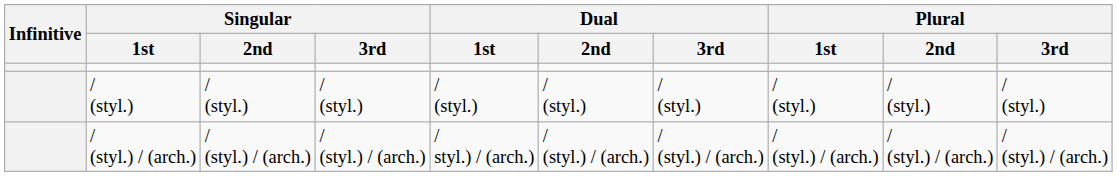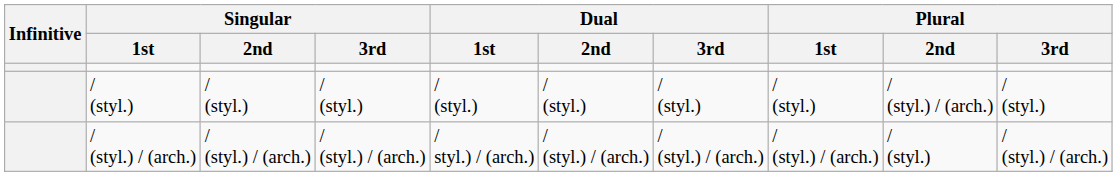 <table class="wikitable">
 <tr>
 <th rowspan="2">Infinitive</th>
 <th colspan="3">Singular</th>
 <th colspan="3">Dual</th>
 <th colspan="3">Plural</th>
 </tr>
 <tr>
 <th>1st</th>
 <th>2nd</th>
 <th>3rd</th>
 <th>1st</th>
 <th>2nd</th>
 <th>3rd</th>
 <th>1st</th>
 <th>2nd</th>
 <th>3rd</th>
 </tr>
 <tr>
 <th></th>
 <td></td>
 <td></td>
 <td></td>
 <td></td>
 <td></td>
 <td></td>
 <td></td>
 <td></td>
 <td></td>
 </tr>
 <tr>
 <th></th>
 <td> /<br> (styl.)</td>
 <td> /<br> (styl.)</td>
 <td> /<br> (styl.)</td>
 <td> /<br> (styl.)</td>
 <td> /<br> (styl.)</td>
 <td> /<br> (styl.)</td>
 <td> /<br> (styl.)</td>
-<td> /<br> (styl.)</td>
+<td> /<br> (styl.) /  (arch.)</td>
 <td> /<br> (styl.)</td>
 </tr>
 <tr>
 <th></th>
 <td> /<br> (styl.) /  (arch.)</td>
 <td> /<br> (styl.) /  (arch.)</td>
 <td> /<br> (styl.) /  (arch.)</td>
 <td> /<br>  styl.) /  (arch.)</td>
 <td> /<br> (styl.) /  (arch.)</td>
 <td> /<br> (styl.) /  (arch.)</td>
 <td> /<br> (styl.) /  (arch.)</td>
-<td> /<br> (styl.) /  (arch.)</td>
+<td> /<br> (styl.)</td>
 <td> /<br> (styl.) /  (arch.)</td>
 </tr>
 </table>
